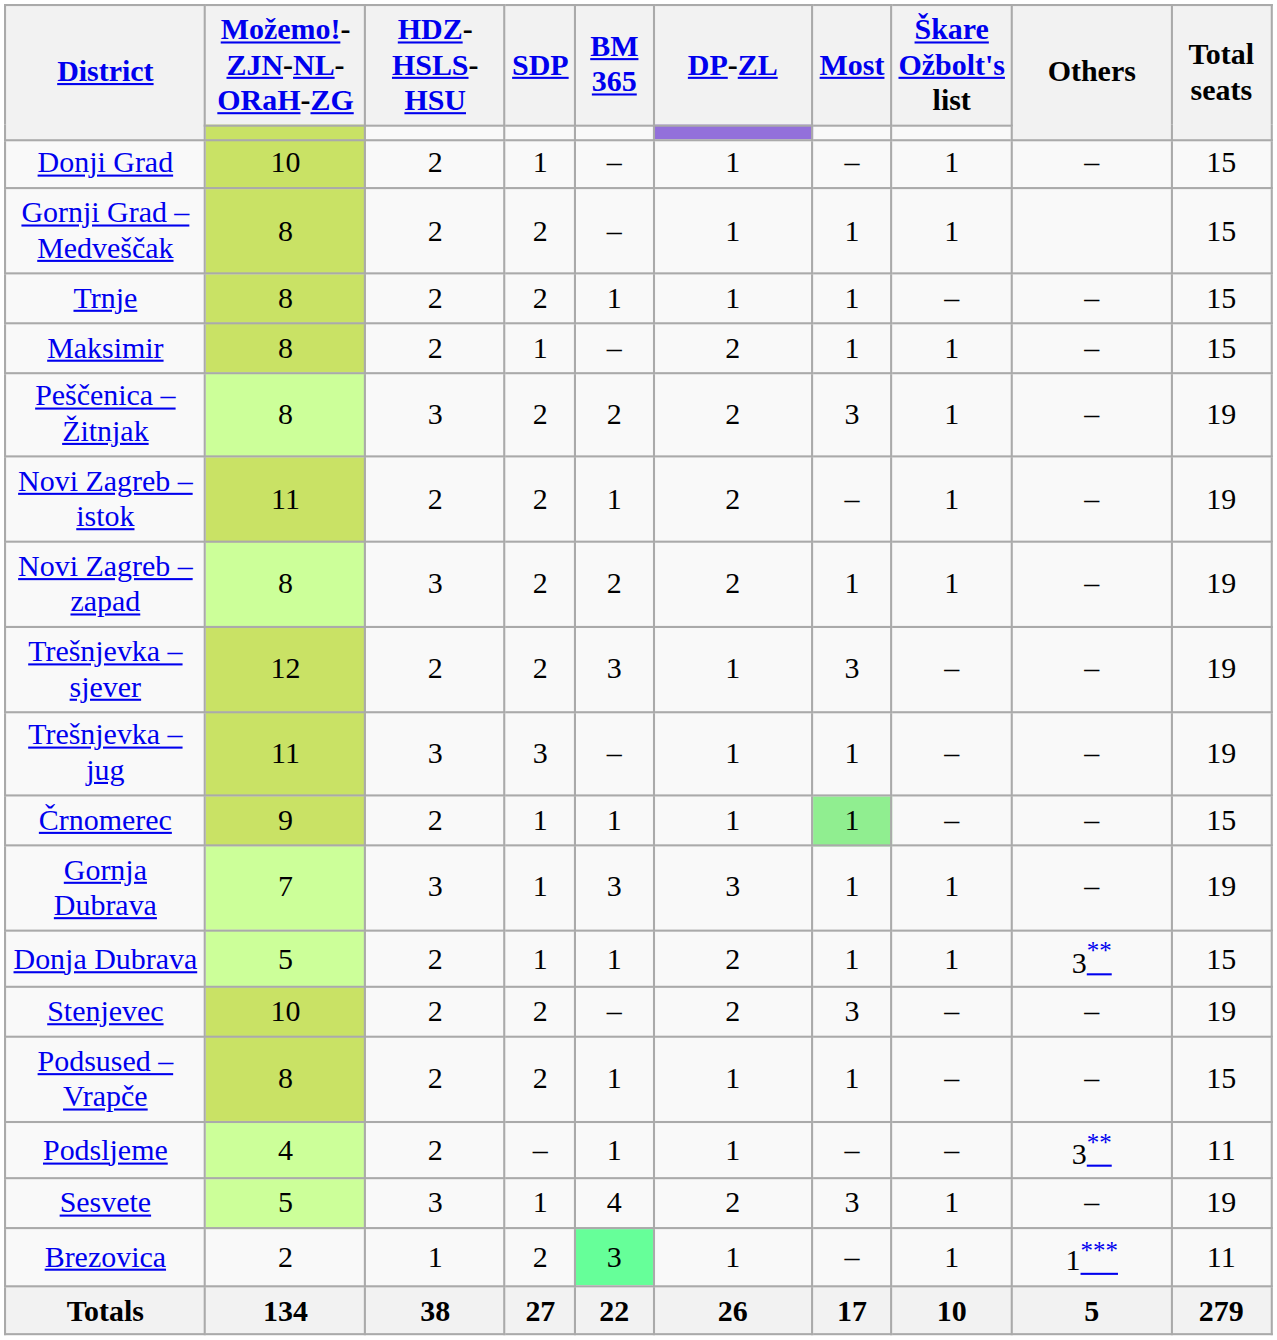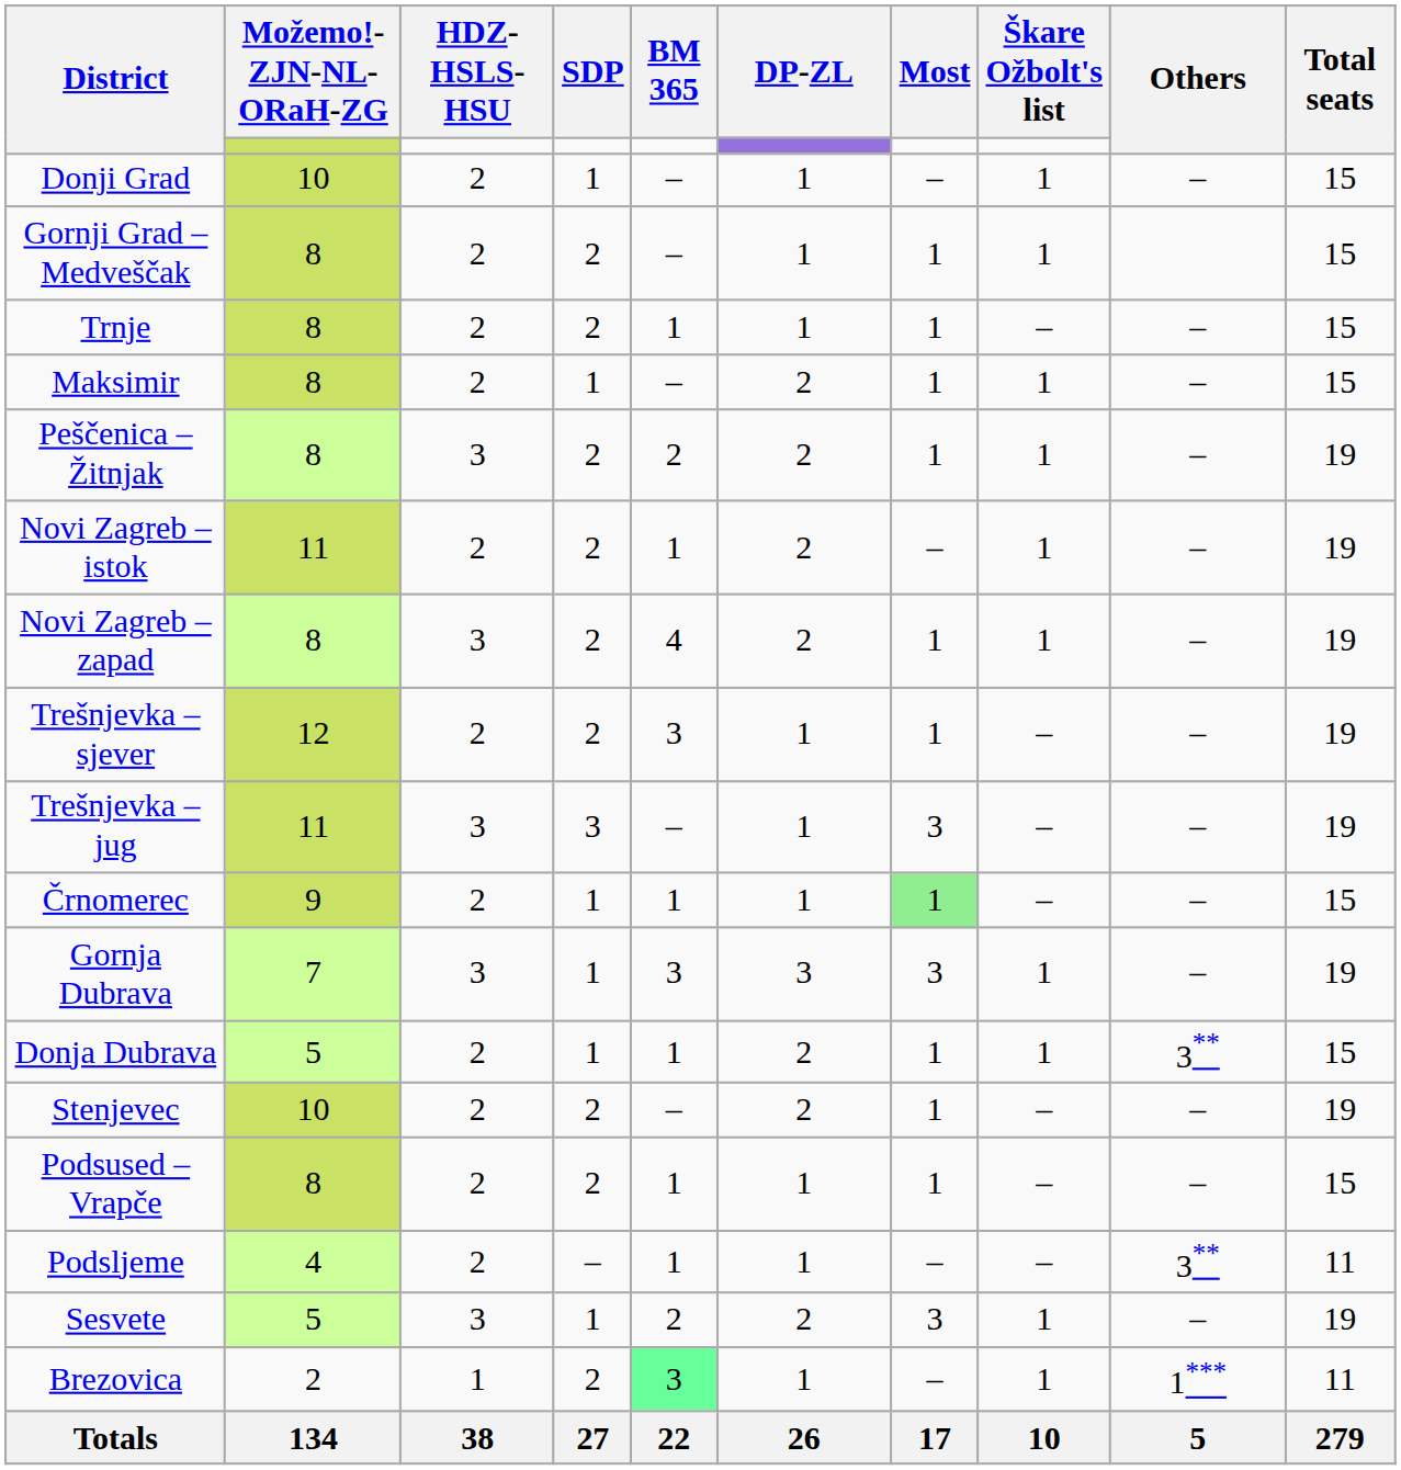 <table class="wikitable" style="text-align:center; font-size:90%;">
 <tr>
 <th rowspan="2"><a href='#'>District</a></th>
 <th><a href='#'>Možemo!</a>-<a href='#'>ZJN</a>-<a href='#'>NL</a>-<a href='#'>ORaH</a>-<a href='#'>ZG</a></th>
 <th><a href='#'>HDZ</a>-<a href='#'>HSLS</a>-<a href='#'>HSU</a></th>
 <th><a href='#'>SDP</a></th>
 <th><a href='#'>BM 365</a></th>
 <th><a href='#'>DP</a>-<a href='#'>ZL</a></th>
 <th><a href='#'>Most</a></th>
 <th><a href='#'>Škare<br>Ožbolt's</a><br>list</th>
 <th rowspan="2" style="width:70px;">Others</th>
 <th rowspan="2">Total seats</th>
 </tr>
 <tr>
 <td style="background-color:#C9E265; width:70px;"></td>
 <td style="background: "></td>
 <td style="background: "></td>
 <td style="background: "></td>
 <td style="background: #9370DB;" width="70px"></td>
 <td style="background: "></td>
 <td style="background: "></td>
 </tr>
 <tr>
 <td><a href='#'>Donji Grad</a></td>
 <td style="background:#C9E265">10</td>
 <td>2</td>
 <td>1</td>
 <td>–</td>
 <td>1</td>
 <td>–</td>
 <td>1</td>
 <td>–</td>
 <td>15</td>
 </tr>
 <tr>
 <td><a href='#'>Gornji Grad – Medveščak</a></td>
 <td style="background:#C9E265">8</td>
 <td>2</td>
 <td>2</td>
 <td>–</td>
 <td>1</td>
 <td>1</td>
 <td>1</td>
 <td></td>
 <td>15</td>
 </tr>
 <tr>
 <td><a href='#'>Trnje</a></td>
 <td style="background:#C9E265">8</td>
 <td>2</td>
 <td>2</td>
 <td>1</td>
 <td>1</td>
 <td>1</td>
 <td>–</td>
 <td>–</td>
 <td>15</td>
 </tr>
 <tr>
 <td><a href='#'>Maksimir</a></td>
 <td style="background:#C9E265">8</td>
 <td>2</td>
 <td>1</td>
 <td>–</td>
 <td>2</td>
 <td>1</td>
 <td>1</td>
 <td>–</td>
 <td>15</td>
 </tr>
 <tr>
 <td><a href='#'>Peščenica – Žitnjak</a></td>
 <td style="background:#CCFF99">8</td>
 <td>3</td>
 <td>2</td>
 <td>2</td>
 <td>2</td>
-<td>3</td>
+<td>1</td>
 <td>1</td>
 <td>–</td>
 <td>19</td>
 </tr>
 <tr>
 <td><a href='#'>Novi Zagreb – istok</a></td>
 <td style="background:#C9E265">11</td>
 <td>2</td>
 <td>2</td>
 <td>1</td>
 <td>2</td>
 <td>–</td>
 <td>1</td>
 <td>–</td>
 <td>19</td>
 </tr>
 <tr>
 <td><a href='#'>Novi Zagreb – zapad</a></td>
 <td style="background:#CCFF99">8</td>
 <td>3</td>
 <td>2</td>
-<td>2</td>
+<td>4</td>
 <td>2</td>
 <td>1</td>
 <td>1</td>
 <td>–</td>
 <td>19</td>
 </tr>
 <tr>
 <td><a href='#'>Trešnjevka – sjever</a></td>
 <td style="background:#C9E265">12</td>
 <td>2</td>
 <td>2</td>
 <td>3</td>
 <td>1</td>
-<td>3</td>
+<td>1</td>
 <td>–</td>
 <td>–</td>
 <td>19</td>
 </tr>
 <tr>
 <td><a href='#'>Trešnjevka – jug</a></td>
 <td style="background:#C9E265">11</td>
 <td>3</td>
 <td>3</td>
 <td>–</td>
 <td>1</td>
-<td>1</td>
+<td>3</td>
 <td>–</td>
 <td>–</td>
 <td>19</td>
 </tr>
 <tr>
 <td><a href='#'>Črnomerec</a></td>
 <td style="background:#C9E265">9</td>
 <td>2</td>
 <td>1</td>
 <td>1</td>
 <td>1</td>
 <td style="background: lightgreen;">1</td>
 <td>–</td>
 <td>–</td>
 <td>15</td>
 </tr>
 <tr>
 <td><a href='#'>Gornja Dubrava</a></td>
 <td style="background:#CCFF99">7</td>
 <td>3</td>
 <td>1</td>
 <td>3</td>
 <td>3</td>
-<td>1</td>
+<td>3</td>
 <td>1</td>
 <td>–</td>
 <td>19</td>
 </tr>
 <tr>
 <td><a href='#'>Donja Dubrava</a></td>
 <td style="background:#CCFF99">5</td>
 <td>2</td>
 <td>1</td>
 <td>1</td>
 <td>2</td>
 <td>1</td>
 <td>1</td>
 <td>3<a href='#'><sup>**</sup></a></td>
 <td>15</td>
 </tr>
 <tr>
 <td><a href='#'>Stenjevec</a></td>
 <td style="background:#C9E265">10</td>
 <td>2</td>
 <td>2</td>
 <td>–</td>
 <td>2</td>
-<td>3</td>
+<td>1</td>
 <td>–</td>
 <td>–</td>
 <td>19</td>
 </tr>
 <tr>
 <td><a href='#'>Podsused – Vrapče</a></td>
 <td style="background:#C9E265">8</td>
 <td>2</td>
 <td>2</td>
 <td>1</td>
 <td>1</td>
 <td>1</td>
 <td>–</td>
 <td>–</td>
 <td>15</td>
 </tr>
 <tr>
 <td><a href='#'>Podsljeme</a></td>
 <td style="background:#CCFF99">4</td>
 <td>2</td>
 <td>–</td>
 <td>1</td>
 <td>1</td>
 <td>–</td>
 <td>–</td>
 <td>3<a href='#'><sup>**</sup></a></td>
 <td>11</td>
 </tr>
 <tr>
 <td><a href='#'>Sesvete</a></td>
 <td style="background:#CCFF99">5</td>
 <td>3</td>
 <td>1</td>
-<td>4</td>
+<td>2</td>
 <td>2</td>
 <td>3</td>
 <td>1</td>
 <td>–</td>
 <td>19</td>
 </tr>
 <tr>
 <td><a href='#'>Brezovica</a></td>
 <td>2</td>
 <td>1</td>
 <td>2</td>
 <td style="background:#66FF99">3</td>
 <td>1</td>
 <td>–</td>
 <td>1</td>
 <td>1<a href='#'><sup>***</sup></a></td>
 <td>11</td>
 </tr>
 <tr>
 <th>Totals</th>
 <th>134</th>
 <th>38</th>
 <th>27</th>
 <th>22</th>
 <th>26</th>
 <th>17</th>
 <th>10</th>
 <th>5</th>
 <th>279</th>
 </tr>
 </table>
